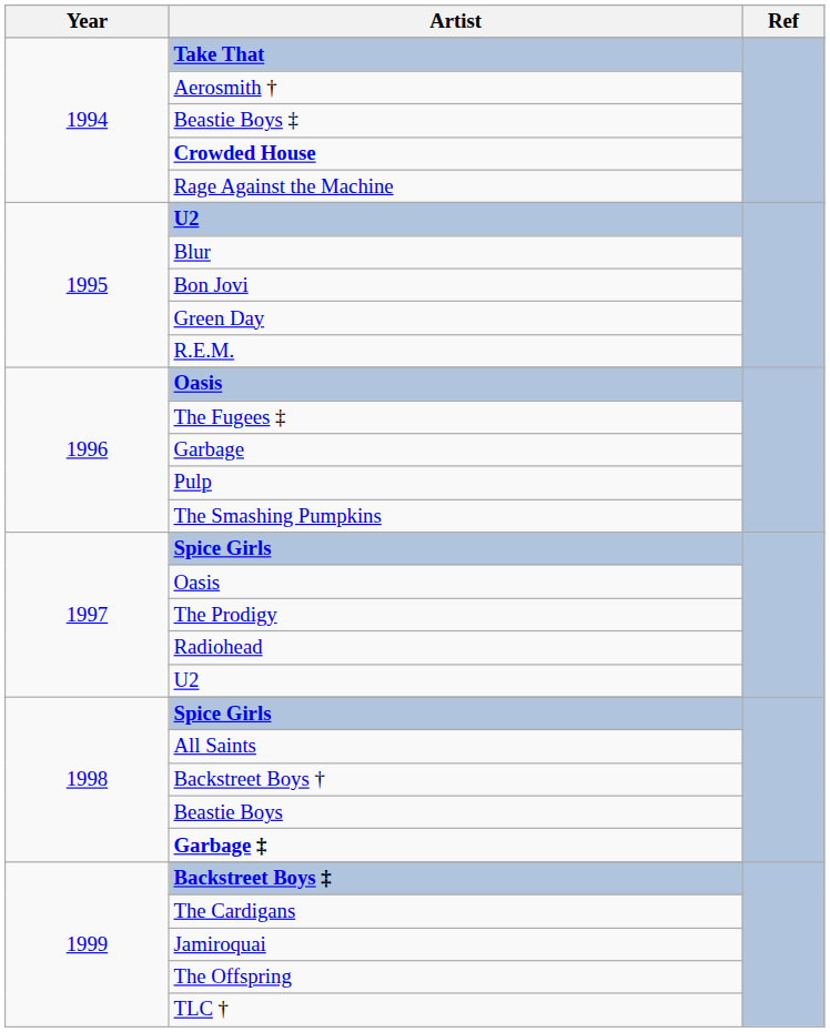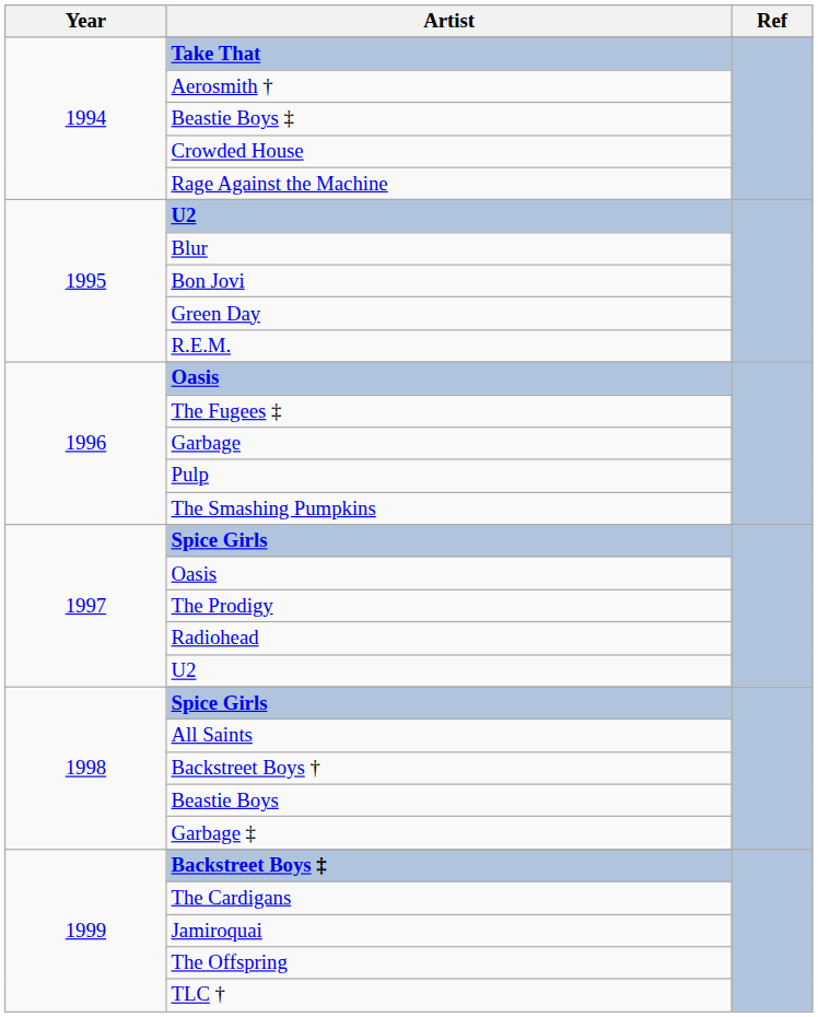 <table class="wikitable" style="width:50%;">
 <tr style="background:#bebebe;">
 <th style="width:10%;">Year</th>
 <th style="width:35%;">Artist</th>
 <th style="width:5%;">Ref</th>
 </tr>
 <tr>
 <td rowspan="6" align="center"><a href='#'>1994</a></td>
 </tr>
 <tr style="background:#B0C4DE">
 <td><strong><a href='#'>Take That</a></strong></td>
 <td rowspan="6" align="center"></td>
 </tr>
 <tr>
 <td><a href='#'>Aerosmith</a> †</td>
 </tr>
 <tr>
 <td><a href='#'>Beastie Boys</a> ‡</td>
 </tr>
 <tr>
-<td><strong><a href='#'>Crowded House</a></strong></td>
+<td><a href='#'>Crowded House</a></td>
 </tr>
 <tr>
 <td><a href='#'>Rage Against the Machine</a></td>
 </tr>
 <tr>
 <td rowspan="6" align="center"><a href='#'>1995</a></td>
 </tr>
 <tr style="background:#B0C4DE">
 <td><strong><a href='#'>U2</a></strong></td>
 <td rowspan="6" align="center"></td>
 </tr>
 <tr>
 <td><a href='#'>Blur</a></td>
 </tr>
 <tr>
 <td><a href='#'>Bon Jovi</a></td>
 </tr>
 <tr>
 <td><a href='#'>Green Day</a></td>
 </tr>
 <tr>
 <td><a href='#'>R.E.M.</a></td>
 </tr>
 <tr>
 <td rowspan="6" align="center"><a href='#'>1996</a></td>
 </tr>
 <tr style="background:#B0C4DE">
 <td><strong><a href='#'>Oasis</a></strong></td>
 <td rowspan="6" align="center"></td>
 </tr>
 <tr>
 <td><a href='#'>The Fugees</a> ‡</td>
 </tr>
 <tr>
 <td><a href='#'>Garbage</a></td>
 </tr>
 <tr>
 <td><a href='#'>Pulp</a></td>
 </tr>
 <tr>
 <td><a href='#'>The Smashing Pumpkins</a></td>
 </tr>
 <tr>
 <td rowspan="6" align="center"><a href='#'>1997</a></td>
 </tr>
 <tr style="background:#B0C4DE">
 <td><strong><a href='#'>Spice Girls</a></strong></td>
 <td rowspan="6" align="center"></td>
 </tr>
 <tr>
 <td><a href='#'>Oasis</a></td>
 </tr>
 <tr>
 <td><a href='#'>The Prodigy</a></td>
 </tr>
 <tr>
 <td><a href='#'>Radiohead</a></td>
 </tr>
 <tr>
 <td><a href='#'>U2</a></td>
 </tr>
 <tr>
 <td rowspan="6" align="center"><a href='#'>1998</a></td>
 </tr>
 <tr style="background:#B0C4DE">
 <td><strong><a href='#'>Spice Girls</a></strong></td>
 <td rowspan="6" align="center"></td>
 </tr>
 <tr>
 <td><a href='#'>All Saints</a></td>
 </tr>
 <tr>
 <td><a href='#'>Backstreet Boys</a> †</td>
 </tr>
 <tr>
 <td><a href='#'>Beastie Boys</a></td>
 </tr>
 <tr>
-<td><strong><a href='#'>Garbage</a> ‡</strong></td>
+<td><a href='#'>Garbage</a> ‡</td>
 </tr>
 <tr>
 <td rowspan="6" align="center"><a href='#'>1999</a></td>
 </tr>
 <tr style="background:#B0C4DE">
 <td><strong><a href='#'>Backstreet Boys</a> ‡</strong></td>
 <td rowspan="6" align="center"></td>
 </tr>
 <tr>
 <td><a href='#'>The Cardigans</a></td>
 </tr>
 <tr>
 <td><a href='#'>Jamiroquai</a></td>
 </tr>
 <tr>
 <td><a href='#'>The Offspring</a></td>
 </tr>
 <tr>
 <td><a href='#'>TLC</a> †</td>
 </tr>
 </table>
